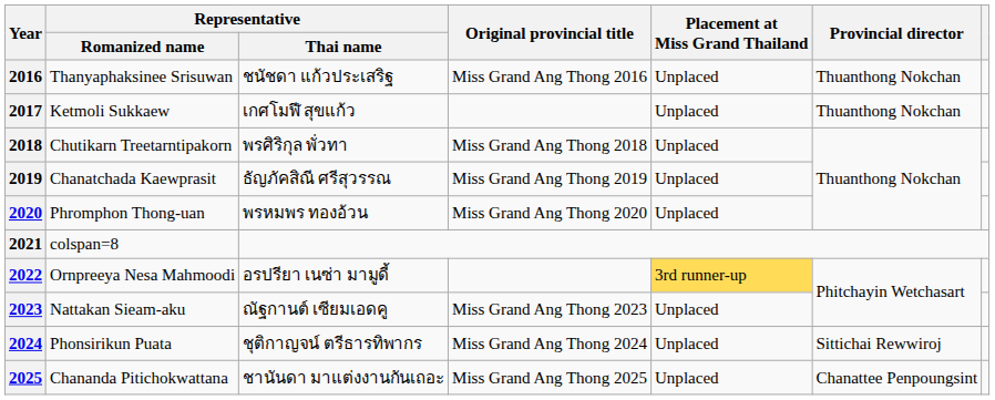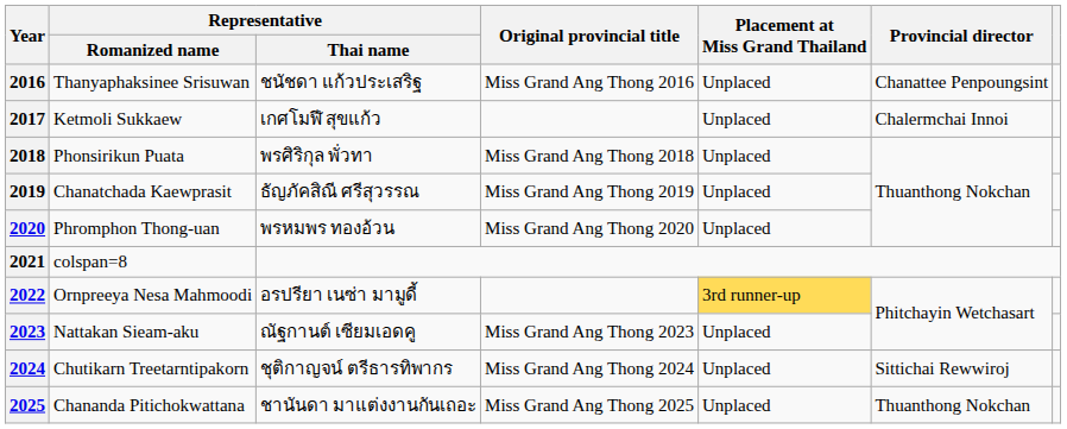 <table class="wikitable defaultcenter col2left col3left col6left" style="font-size:95%;">
 <tr>
 <th rowspan=2>Year</th>
 <th colspan=2>Representative</th>
 <th rowspan=2>Original provincial title</th>
 <th rowspan=2>Placement at<br>Miss Grand Thailand</th>
 <th rowspan=2>Provincial director</th>
 <th rowspan=2></th>
 </tr>
 <tr>
 <th>Romanized name</th>
 <th>Thai name</th>
 </tr>
 <tr>
 <th>2016</th>
 <td>Thanyaphaksinee Srisuwan</td>
 <td>ชนัชดา แก้วประเสริฐ</td>
 <td>Miss Grand Ang Thong 2016</td>
 <td>Unplaced</td>
-<td>Thuanthong Nokchan</td>
+<td>Chanattee Penpoungsint</td>
 <td></td>
 </tr>
 <tr>
 <th>2017</th>
 <td>Ketmoli Sukkaew</td>
 <td>เกศโมฬี สุขแก้ว</td>
 <td></td>
 <td>Unplaced</td>
-<td>Thuanthong Nokchan</td>
+<td>Chalermchai Innoi</td>
 <td></td>
 </tr>
 <tr>
 <th>2018</th>
-<td>Chutikarn Treetarntipakorn</td>
+<td>Phonsirikun Puata</td>
 <td>พรศิริกุล พั่วทา</td>
 <td>Miss Grand Ang Thong 2018</td>
 <td>Unplaced</td>
 <td rowspan=3>Thuanthong Nokchan</td>
 <td></td>
 </tr>
 <tr>
 <th>2019</th>
 <td>Chanatchada Kaewprasit</td>
 <td>ธัญภัคสิณี ศรีสุวรรณ</td>
 <td>Miss Grand Ang Thong 2019</td>
 <td>Unplaced</td>
 <td></td>
 </tr>
 <tr>
 <th><a href='#'>2020</a></th>
 <td>Phromphon Thong-uan</td>
 <td>พรหมพร ทองอ้วน</td>
 <td>Miss Grand Ang Thong 2020</td>
 <td>Unplaced</td>
 <td></td>
 </tr>
 <tr>
 <th>2021</th>
 <td>colspan=8 </td>
 </tr>
 <tr>
 <th><a href='#'>2022</a></th>
 <td>Ornpreeya Nesa Mahmoodi</td>
 <td>อรปรียา เนซ่า มามูดี้</td>
 <td></td>
 <td bgcolor=#FFDB58>3rd runner-up</td>
 <td rowspan=2>Phitchayin Wetchasart</td>
 <td></td>
 </tr>
 <tr>
 <th><a href='#'>2023</a></th>
 <td>Nattakan Sieam-aku</td>
 <td>ณัฐกานต์ เซียมเอดคู</td>
 <td>Miss Grand Ang Thong 2023</td>
 <td>Unplaced</td>
 <td></td>
 </tr>
 <tr>
 <th><a href='#'>2024</a></th>
-<td>Phonsirikun Puata</td>
+<td>Chutikarn Treetarntipakorn</td>
 <td>ชุติกาญจน์ ตรีธารทิพากร</td>
 <td>Miss Grand Ang Thong 2024</td>
 <td>Unplaced</td>
 <td>Sittichai Rewwiroj</td>
 <td></td>
 </tr>
 <tr>
 <th><a href='#'>2025</a></th>
 <td>Chananda Pitichokwattana</td>
 <td>ชานันดา มาแต่งงานกันเถอะ</td>
 <td>Miss Grand Ang Thong 2025</td>
 <td>Unplaced</td>
-<td>Chanattee Penpoungsint</td>
+<td>Thuanthong Nokchan</td>
 <td></td>
 </tr>
 </table>
